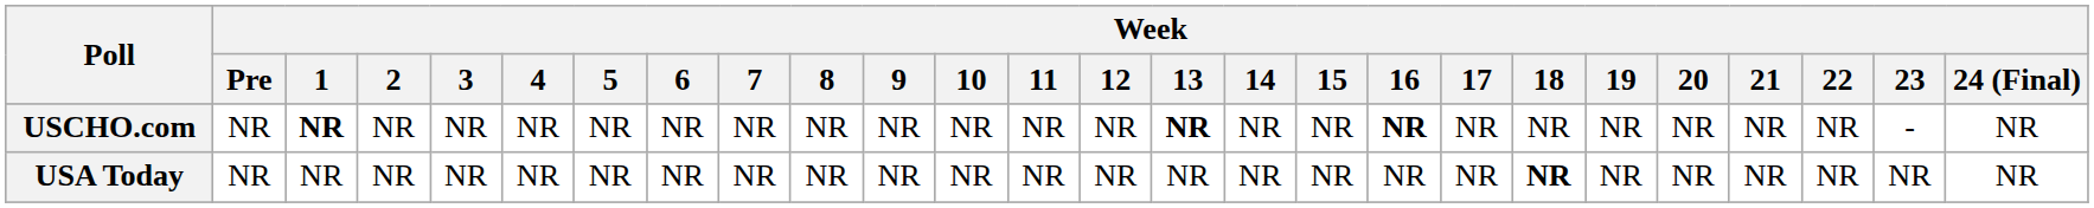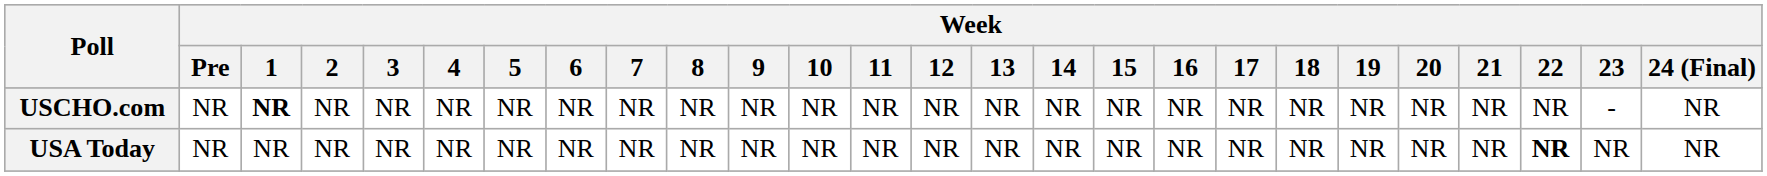 <table class="wikitable" style="white-space:nowrap;">
 <tr>
 <th scope="col" width="100" rowspan="2">Poll</th>
 <th colspan="30">Week</th>
 </tr>
 <tr>
 <th scope="col" width="30">Pre</th>
 <th scope="col" width="30">1</th>
 <th scope="col" width="30">2</th>
 <th scope="col" width="30">3</th>
 <th scope="col" width="30">4</th>
 <th scope="col" width="30">5</th>
 <th scope="col" width="30">6</th>
 <th scope="col" width="30">7</th>
 <th scope="col" width="30">8</th>
 <th scope="col" width="30">9</th>
 <th scope="col" width="30">10</th>
 <th scope="col" width="30">11</th>
 <th scope="col" width="30">12</th>
 <th scope="col" width="30">13</th>
 <th scope="col" width="30">14</th>
 <th scope="col" width="30">15</th>
 <th scope="col" width="30">16</th>
 <th scope="col" width="30">17</th>
 <th scope="col" width="30">18</th>
 <th scope="col" width="30">19</th>
 <th scope="col" width="30">20</th>
 <th scope="col" width="30">21</th>
 <th scope="col" width="30">22</th>
 <th scope="col" width="30">23</th>
 <th scope="col" width="30">24 (Final)</th>
 </tr>
 <tr style="text-align:center;">
 <th>USCHO.com</th>
 <td bgcolor=FFFFFF>NR</td>
 <td bgcolor=FFFFFF><strong>NR</strong></td>
 <td bgcolor=FFFFFF>NR</td>
 <td bgcolor=FFFFFF>NR</td>
 <td bgcolor=FFFFFF>NR</td>
 <td bgcolor=FFFFFF>NR</td>
 <td bgcolor=FFFFFF>NR</td>
 <td bgcolor=FFFFFF>NR</td>
 <td bgcolor=FFFFFF>NR</td>
 <td bgcolor=FFFFFF>NR</td>
 <td bgcolor=FFFFFF>NR</td>
 <td bgcolor=FFFFFF>NR</td>
 <td bgcolor=FFFFFF>NR</td>
-<td bgcolor=FFFFFF><strong>NR</strong></td>
 <td bgcolor=FFFFFF>NR</td>
 <td bgcolor=FFFFFF>NR</td>
-<td bgcolor=FFFFFF><strong>NR</strong></td>
+<td bgcolor=FFFFFF>NR</td>
+<td bgcolor=FFFFFF>NR</td>
 <td bgcolor=FFFFFF>NR</td>
 <td bgcolor=FFFFFF>NR</td>
 <td bgcolor=FFFFFF>NR</td>
 <td bgcolor=FFFFFF>NR</td>
 <td bgcolor=FFFFFF>NR</td>
 <td bgcolor=FFFFFF>NR</td>
 <td bgcolor=FFFFFF>-</td>
 <td bgcolor=FFFFFF>NR</td>
 </tr>
 <tr style="text-align:center;">
 <th>USA Today</th>
 <td bgcolor=FFFFFF>NR</td>
 <td bgcolor=FFFFFF>NR</td>
 <td bgcolor=FFFFFF>NR</td>
 <td bgcolor=FFFFFF>NR</td>
 <td bgcolor=FFFFFF>NR</td>
 <td bgcolor=FFFFFF>NR</td>
 <td bgcolor=FFFFFF>NR</td>
 <td bgcolor=FFFFFF>NR</td>
 <td bgcolor=FFFFFF>NR</td>
 <td bgcolor=FFFFFF>NR</td>
 <td bgcolor=FFFFFF>NR</td>
 <td bgcolor=FFFFFF>NR</td>
 <td bgcolor=FFFFFF>NR</td>
 <td bgcolor=FFFFFF>NR</td>
 <td bgcolor=FFFFFF>NR</td>
 <td bgcolor=FFFFFF>NR</td>
 <td bgcolor=FFFFFF>NR</td>
 <td bgcolor=FFFFFF>NR</td>
-<td bgcolor=FFFFFF><strong>NR</strong></td>
 <td bgcolor=FFFFFF>NR</td>
 <td bgcolor=FFFFFF>NR</td>
 <td bgcolor=FFFFFF>NR</td>
 <td bgcolor=FFFFFF>NR</td>
+<td bgcolor=FFFFFF><strong>NR</strong></td>
 <td bgcolor=FFFFFF>NR</td>
 <td bgcolor=FFFFFF>NR</td>
 </tr>
 </table>
